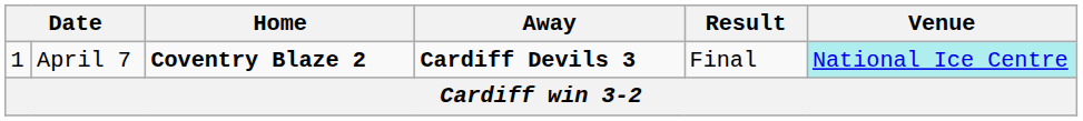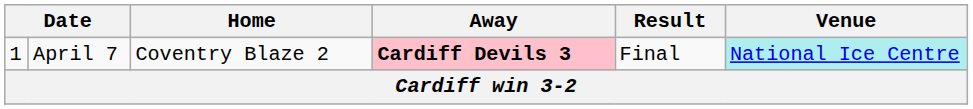 <table class="wikitable">
 <tr>
 <th colspan=2 width=75>Date</th>
 <th width=150>Home</th>
 <th width=150>Away</th>
 <th width=65>Result</th>
 <th width=150>Venue</th>
 </tr>
 <tr>
 <td>1</td>
 <td>April 7</td>
-<td><strong>Coventry Blaze 2</strong></td>
-<td><strong>Cardiff Devils 3</strong></td>
+<td>Coventry Blaze 2</td>
+<td style="background: pink;"><strong>Cardiff Devils 3</strong></td>
 <td>Final</td>
 <td style="background: paleturquoise;"><a href='#'>National Ice Centre</a></td>
 </tr>
 <tr>
 <th colspan=8><strong><em>Cardiff win 3-2</em></strong></th>
 </tr>
 </table>
